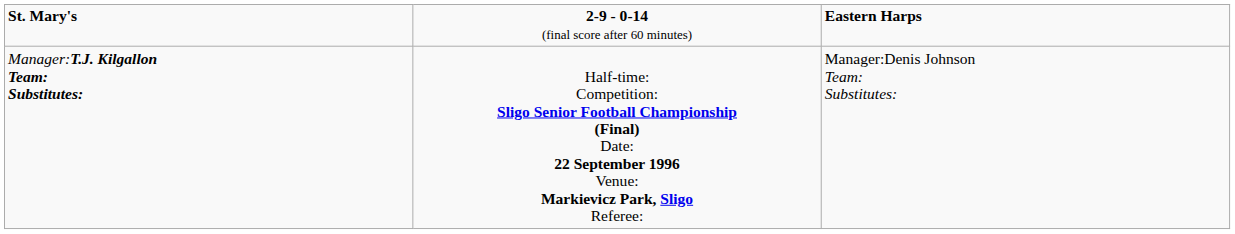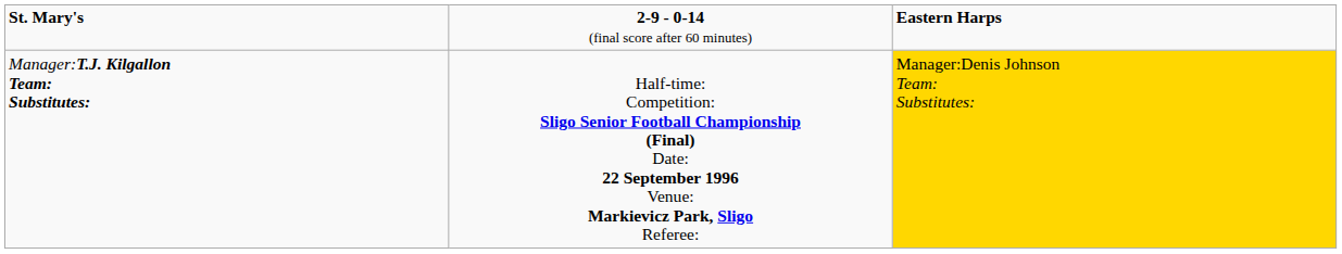 <table border=0 class="wikitable" width=100%>
 <tr>
 <td width=33% valign=top><span><strong>St. Mary's</strong></span><br><small></small></td>
 <td width=33% valign=top align=center><span><strong>2-9 - 0-14</strong></span><br><small>(final score after 60 minutes)</small></td>
 <td width=33% valign=top><span><strong>Eastern Harps</strong></span><br><small></small></td>
 </tr>
 <tr>
 <td valign=top><em>Manager:<strong><em>T.J. Kilgallon<strong><br></em>Team:<em> <br></em>Substitutes:<em> <br></td>
 <td valign=middle align=center><br></strong>Half-time:<strong><br></strong>Competition:<strong><br><a href='#'>Sligo Senior Football Championship</a><br>(Final)<br></strong>Date:<strong><br>22 September 1996<br></strong>Venue:<strong><br>Markievicz Park, <a href='#'>Sligo</a><br></strong>Referee:<strong><br></td>
-<td valign=top></em>Manager:</em></strong>Denis Johnson</strong><br><em>Team:</em> <br><em>Substitutes:</em> <br></td>
+<td valign=top style="background: gold;"></em>Manager:</em></strong>Denis Johnson</strong><br><em>Team:</em> <br><em>Substitutes:</em> <br></td>
 </tr>
 </table>
